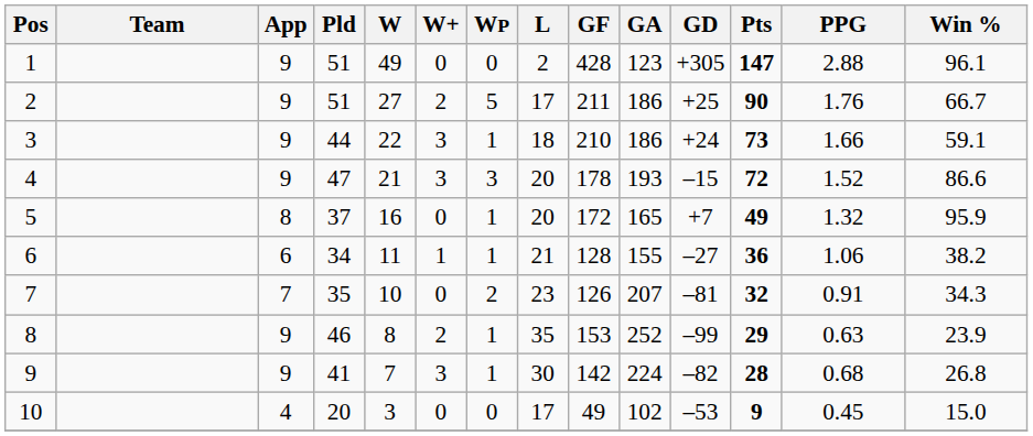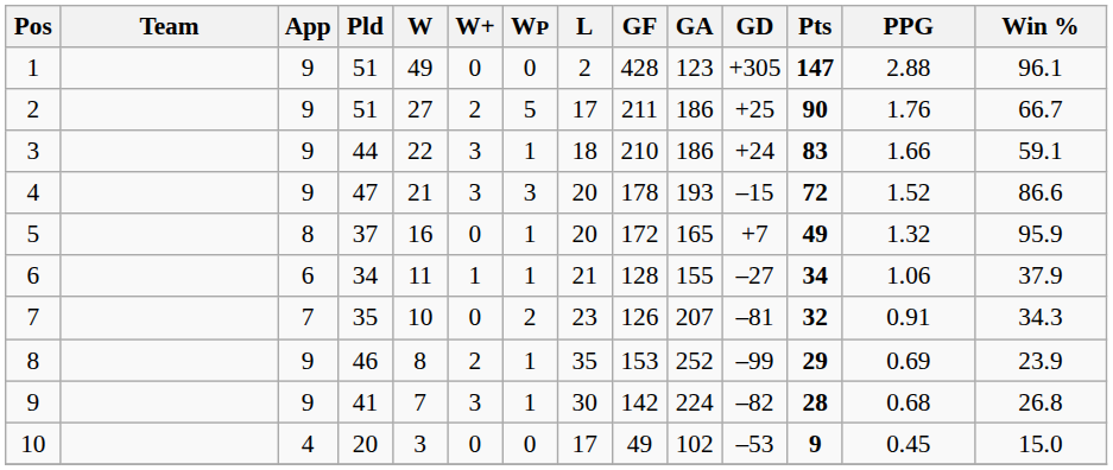 <table class="wikitable sortable" width=75% style="text-align:center; font-size: 95%">
 <tr>
 <th width=25>Pos</th>
 <th width=120>Team</th>
 <th width=25>App</th>
 <th width=25>Pld</th>
 <th width=25>W</th>
 <th width=25>W+</th>
 <th width=25>W<small>P</small></th>
 <th width=25>L</th>
 <th width=25>GF</th>
 <th width=25>GA</th>
 <th width=25>GD</th>
 <th width=25>Pts</th>
 <th width=70>PPG</th>
 <th width=70>Win %</th>
 </tr>
 <tr>
 <td>1</td>
 <td style="text-align:left;"></td>
 <td>9</td>
 <td>51</td>
 <td>49</td>
 <td>0</td>
 <td>0</td>
 <td>2</td>
 <td>428</td>
 <td>123</td>
 <td>+305</td>
 <td><strong>147</strong></td>
 <td>2.88</td>
 <td>96.1</td>
 </tr>
 <tr>
 <td>2</td>
 <td style="text-align:left;"></td>
 <td>9</td>
 <td>51</td>
 <td>27</td>
 <td>2</td>
 <td>5</td>
 <td>17</td>
 <td>211</td>
 <td>186</td>
 <td>+25</td>
 <td><strong>90</strong></td>
 <td>1.76</td>
 <td>66.7</td>
 </tr>
 <tr>
 <td>3</td>
 <td style="text-align:left;"></td>
 <td>9</td>
 <td>44</td>
 <td>22</td>
 <td>3</td>
 <td>1</td>
 <td>18</td>
 <td>210</td>
 <td>186</td>
 <td>+24</td>
-<td><strong>73</strong></td>
+<td><strong>83</strong></td>
 <td>1.66</td>
 <td>59.1</td>
 </tr>
 <tr>
 <td>4</td>
 <td style="text-align:left;"></td>
 <td>9</td>
 <td>47</td>
 <td>21</td>
 <td>3</td>
 <td>3</td>
 <td>20</td>
 <td>178</td>
 <td>193</td>
 <td>–15</td>
 <td><strong>72</strong></td>
 <td>1.52</td>
 <td>86.6</td>
 </tr>
 <tr>
 <td>5</td>
 <td style="text-align:left;"></td>
 <td>8</td>
 <td>37</td>
 <td>16</td>
 <td>0</td>
 <td>1</td>
 <td>20</td>
 <td>172</td>
 <td>165</td>
 <td>+7</td>
 <td><strong>49</strong></td>
 <td>1.32</td>
 <td>95.9</td>
 </tr>
 <tr>
 <td>6</td>
 <td style="text-align:left;"></td>
 <td>6</td>
 <td>34</td>
 <td>11</td>
 <td>1</td>
 <td>1</td>
 <td>21</td>
 <td>128</td>
 <td>155</td>
 <td>–27</td>
-<td><strong>36</strong></td>
+<td><strong>34</strong></td>
 <td>1.06</td>
-<td>38.2</td>
+<td>37.9</td>
 </tr>
 <tr>
 <td>7</td>
 <td style="text-align:left;"></td>
 <td>7</td>
 <td>35</td>
 <td>10</td>
 <td>0</td>
 <td>2</td>
 <td>23</td>
 <td>126</td>
 <td>207</td>
 <td>–81</td>
 <td><strong>32</strong></td>
 <td>0.91</td>
 <td>34.3</td>
 </tr>
 <tr>
 <td>8</td>
 <td style="text-align:left;"></td>
 <td>9</td>
 <td>46</td>
 <td>8</td>
 <td>2</td>
 <td>1</td>
 <td>35</td>
 <td>153</td>
 <td>252</td>
 <td>–99</td>
 <td><strong>29</strong></td>
-<td>0.63</td>
+<td>0.69</td>
 <td>23.9</td>
 </tr>
 <tr>
 <td>9</td>
 <td style="text-align:left;"></td>
 <td>9</td>
 <td>41</td>
 <td>7</td>
 <td>3</td>
 <td>1</td>
 <td>30</td>
 <td>142</td>
 <td>224</td>
 <td>–82</td>
 <td><strong>28</strong></td>
 <td>0.68</td>
 <td>26.8</td>
 </tr>
 <tr>
 <td>10</td>
 <td style="text-align:left;"></td>
 <td>4</td>
 <td>20</td>
 <td>3</td>
 <td>0</td>
 <td>0</td>
 <td>17</td>
 <td>49</td>
 <td>102</td>
 <td>–53</td>
 <td><strong>9</strong></td>
 <td>0.45</td>
 <td>15.0</td>
 </tr>
 <tr>
 </tr>
 </table>
